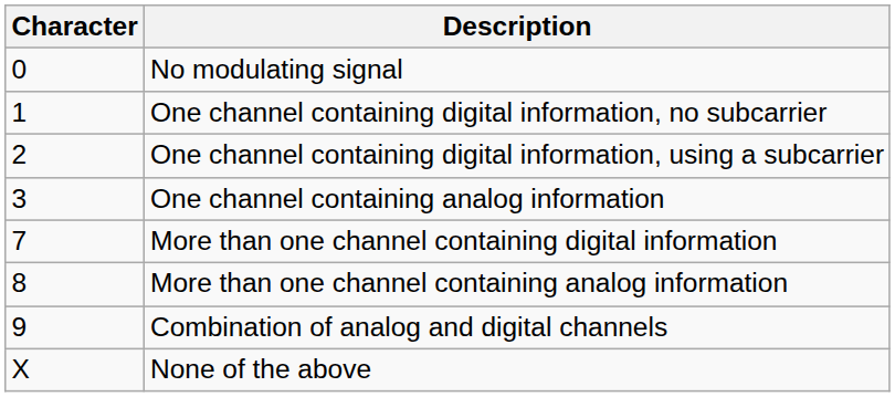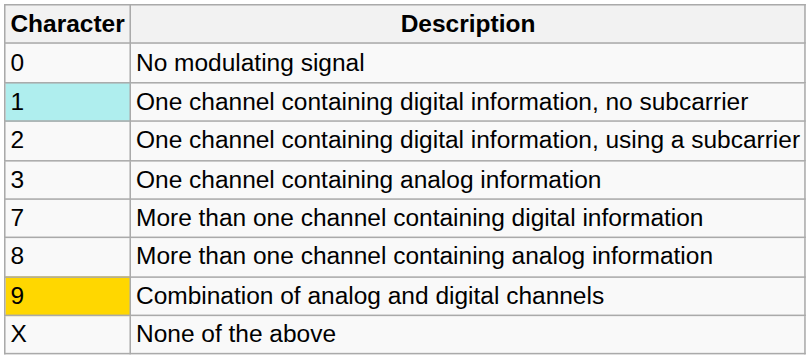 <table class="wikitable sortable">
 <tr>
 <th>Character</th>
 <th>Description</th>
 </tr>
 <tr>
 <td>0</td>
 <td>No modulating signal</td>
 </tr>
 <tr>
-<td>1</td>
+<td style="background: paleturquoise;">1</td>
 <td>One channel containing digital information, no subcarrier</td>
 </tr>
 <tr>
 <td>2</td>
 <td>One channel containing digital information, using a subcarrier</td>
 </tr>
 <tr>
 <td>3</td>
 <td>One channel containing analog information</td>
 </tr>
 <tr>
 <td>7</td>
 <td>More than one channel containing digital information</td>
 </tr>
 <tr>
 <td>8</td>
 <td>More than one channel containing analog information</td>
 </tr>
 <tr>
-<td>9</td>
+<td style="background: gold;">9</td>
 <td>Combination of analog and digital channels</td>
 </tr>
 <tr>
 <td>X</td>
 <td>None of the above</td>
 </tr>
 </table>
